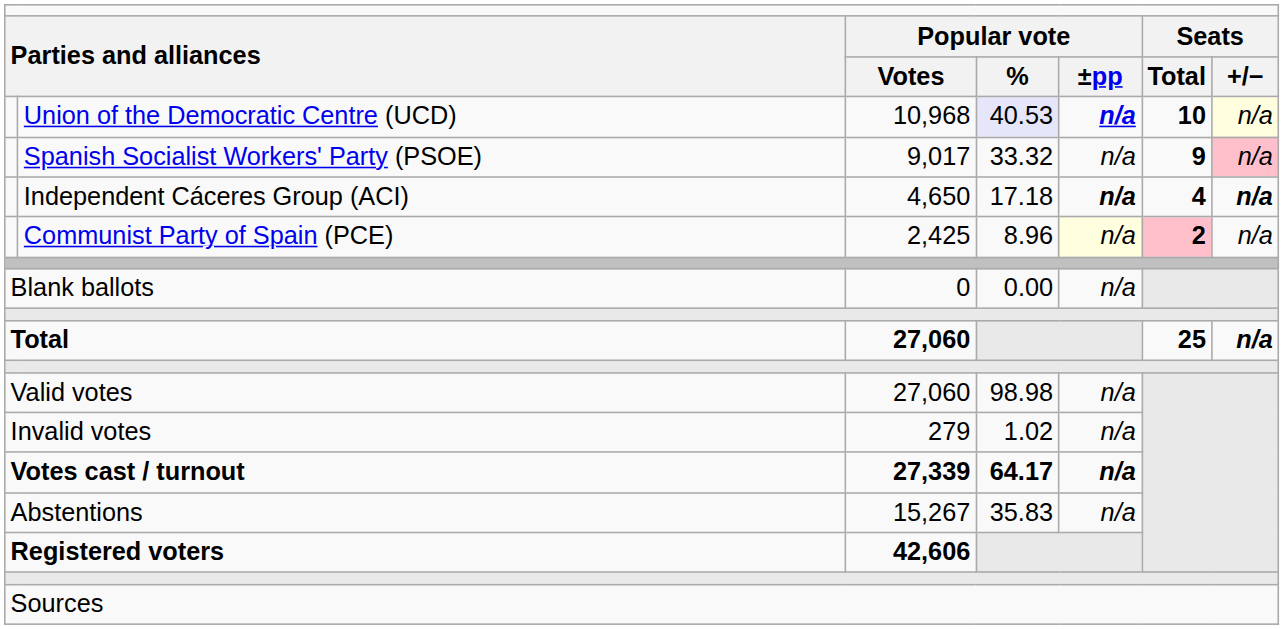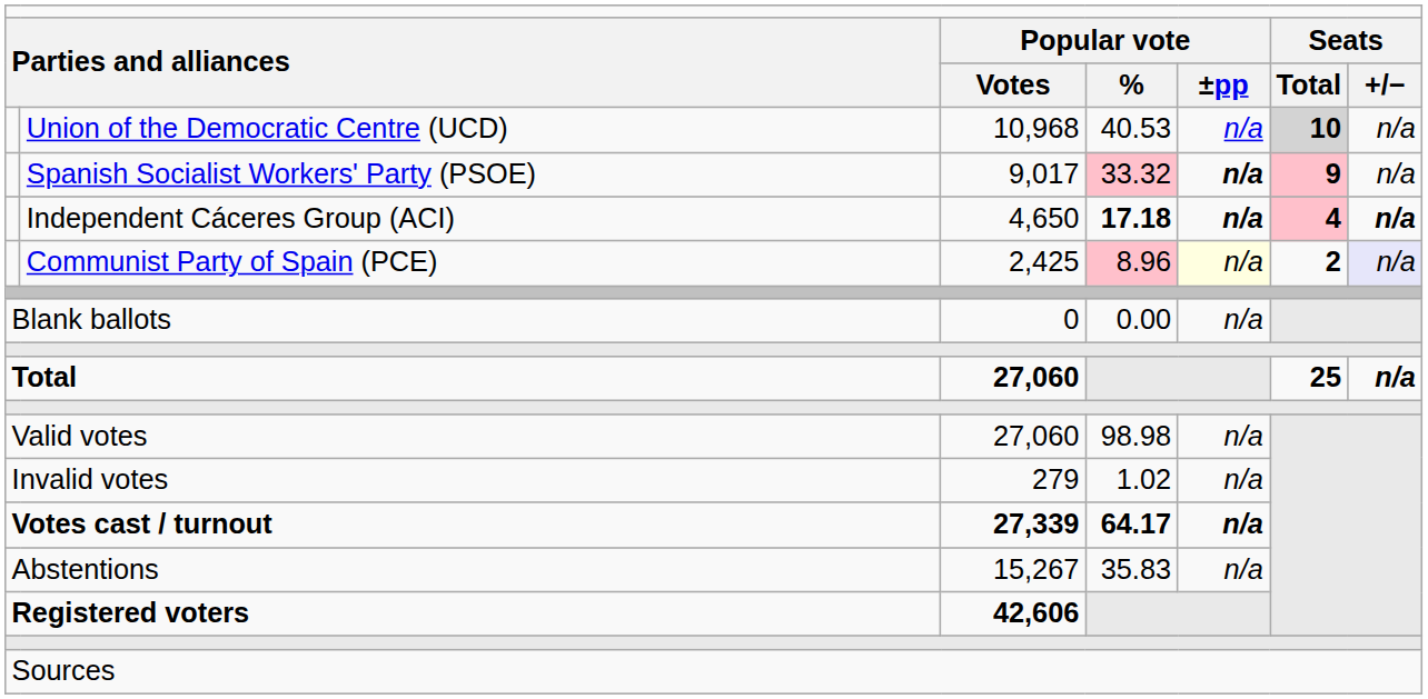 <table class="wikitable" style="text-align:right;">
 <tr>
 <td colspan="7"></td>
 </tr>
 <tr>
 <th style="text-align:left;" rowspan="2" colspan="2" width="525">Parties and alliances</th>
 <th colspan="3">Popular vote</th>
 <th colspan="2">Seats</th>
 </tr>
 <tr>
 <th width="75">Votes</th>
 <th width="45">%</th>
 <th width="45">±<a href='#'>pp</a></th>
 <th width="35">Total</th>
 <th width="35">+/−</th>
 </tr>
 <tr>
 <td width="1" style="color:inherit;background:"></td>
 <td align="left"><a href='#'>Union of the Democratic Centre</a> (UCD)</td>
 <td>10,968</td>
-<td style="background: lavender;">40.53</td>
-<td><strong><em><a href='#'>n/a</a></em></strong></td>
-<td><strong>10</strong></td>
-<td style="background: lightyellow;"><em>n/a</em></td>
+<td>40.53</td>
+<td><em><a href='#'>n/a</a></em></td>
+<td style="background: lightgrey;"><strong>10</strong></td>
+<td><em>n/a</em></td>
 </tr>
 <tr>
 <td style="color:inherit;background:"></td>
 <td align="left"><a href='#'>Spanish Socialist Workers' Party</a> (PSOE)</td>
 <td>9,017</td>
-<td>33.32</td>
+<td style="background: pink;">33.32</td>
+<td><strong><em>n/a</em></strong></td>
+<td style="background: pink;"><strong>9</strong></td>
 <td><em>n/a</em></td>
-<td><strong>9</strong></td>
-<td style="background: pink;"><em>n/a</em></td>
 </tr>
 <tr>
 <td style="color:inherit;background:"></td>
 <td align="left">Independent Cáceres Group (ACI)</td>
 <td>4,650</td>
-<td>17.18</td>
+<td><strong>17.18</strong></td>
 <td><strong><em>n/a</em></strong></td>
-<td><strong>4</strong></td>
+<td style="background: pink;"><strong>4</strong></td>
 <td><strong><em>n/a</em></strong></td>
 </tr>
 <tr>
 <td style="color:inherit;background:"></td>
 <td align="left"><a href='#'>Communist Party of Spain</a> (PCE)</td>
 <td>2,425</td>
-<td>8.96</td>
+<td style="background: pink;">8.96</td>
 <td style="background: lightyellow;"><em>n/a</em></td>
-<td style="background: pink;"><strong>2</strong></td>
-<td><em>n/a</em></td>
+<td><strong>2</strong></td>
+<td style="background: lavender;"><em>n/a</em></td>
 </tr>
 <tr>
 <td colspan="7" bgcolor="#C0C0C0"></td>
 </tr>
 <tr>
 <td align="left" colspan="2">Blank ballots</td>
 <td>0</td>
 <td>0.00</td>
 <td><em>n/a</em></td>
 <td bgcolor="#E9E9E9" colspan="2"></td>
 </tr>
 <tr>
 <td colspan="7" bgcolor="#E9E9E9"></td>
 </tr>
 <tr style="font-weight:bold;">
 <td align="left" colspan="2">Total</td>
 <td>27,060</td>
 <td bgcolor="#E9E9E9" colspan="2"></td>
 <td>25</td>
 <td><em>n/a</em></td>
 </tr>
 <tr>
 <td colspan="7" bgcolor="#E9E9E9"></td>
 </tr>
 <tr>
 <td align="left" colspan="2">Valid votes</td>
 <td>27,060</td>
 <td>98.98</td>
 <td><em>n/a</em></td>
 <td bgcolor="#E9E9E9" colspan="2" rowspan="5"></td>
 </tr>
 <tr>
 <td align="left" colspan="2">Invalid votes</td>
 <td>279</td>
 <td>1.02</td>
 <td><em>n/a</em></td>
 </tr>
 <tr style="font-weight:bold;">
 <td align="left" colspan="2">Votes cast / turnout</td>
 <td>27,339</td>
 <td>64.17</td>
 <td><em>n/a</em></td>
 </tr>
 <tr>
 <td align="left" colspan="2">Abstentions</td>
 <td>15,267</td>
 <td>35.83</td>
 <td><em>n/a</em></td>
 </tr>
 <tr style="font-weight:bold;">
 <td align="left" colspan="2">Registered voters</td>
 <td>42,606</td>
 <td bgcolor="#E9E9E9" colspan="2"></td>
 </tr>
 <tr>
 <td colspan="7" bgcolor="#E9E9E9"></td>
 </tr>
 <tr>
 <td align="left" colspan="7">Sources</td>
 </tr>
 </table>
